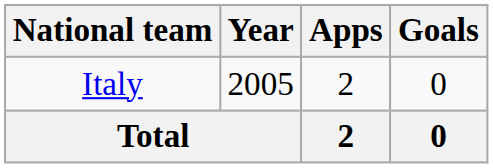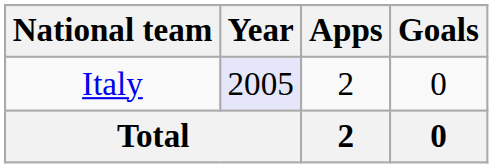 <table class="wikitable" style="text-align:center">
 <tr>
 <th>National team</th>
 <th>Year</th>
 <th>Apps</th>
 <th>Goals</th>
 </tr>
 <tr>
 <td><a href='#'>Italy</a></td>
-<td>2005</td>
+<td style="background: lavender;">2005</td>
 <td>2</td>
 <td>0</td>
 </tr>
 <tr>
 <th colspan="2">Total</th>
 <th>2</th>
 <th>0</th>
 </tr>
 </table>
